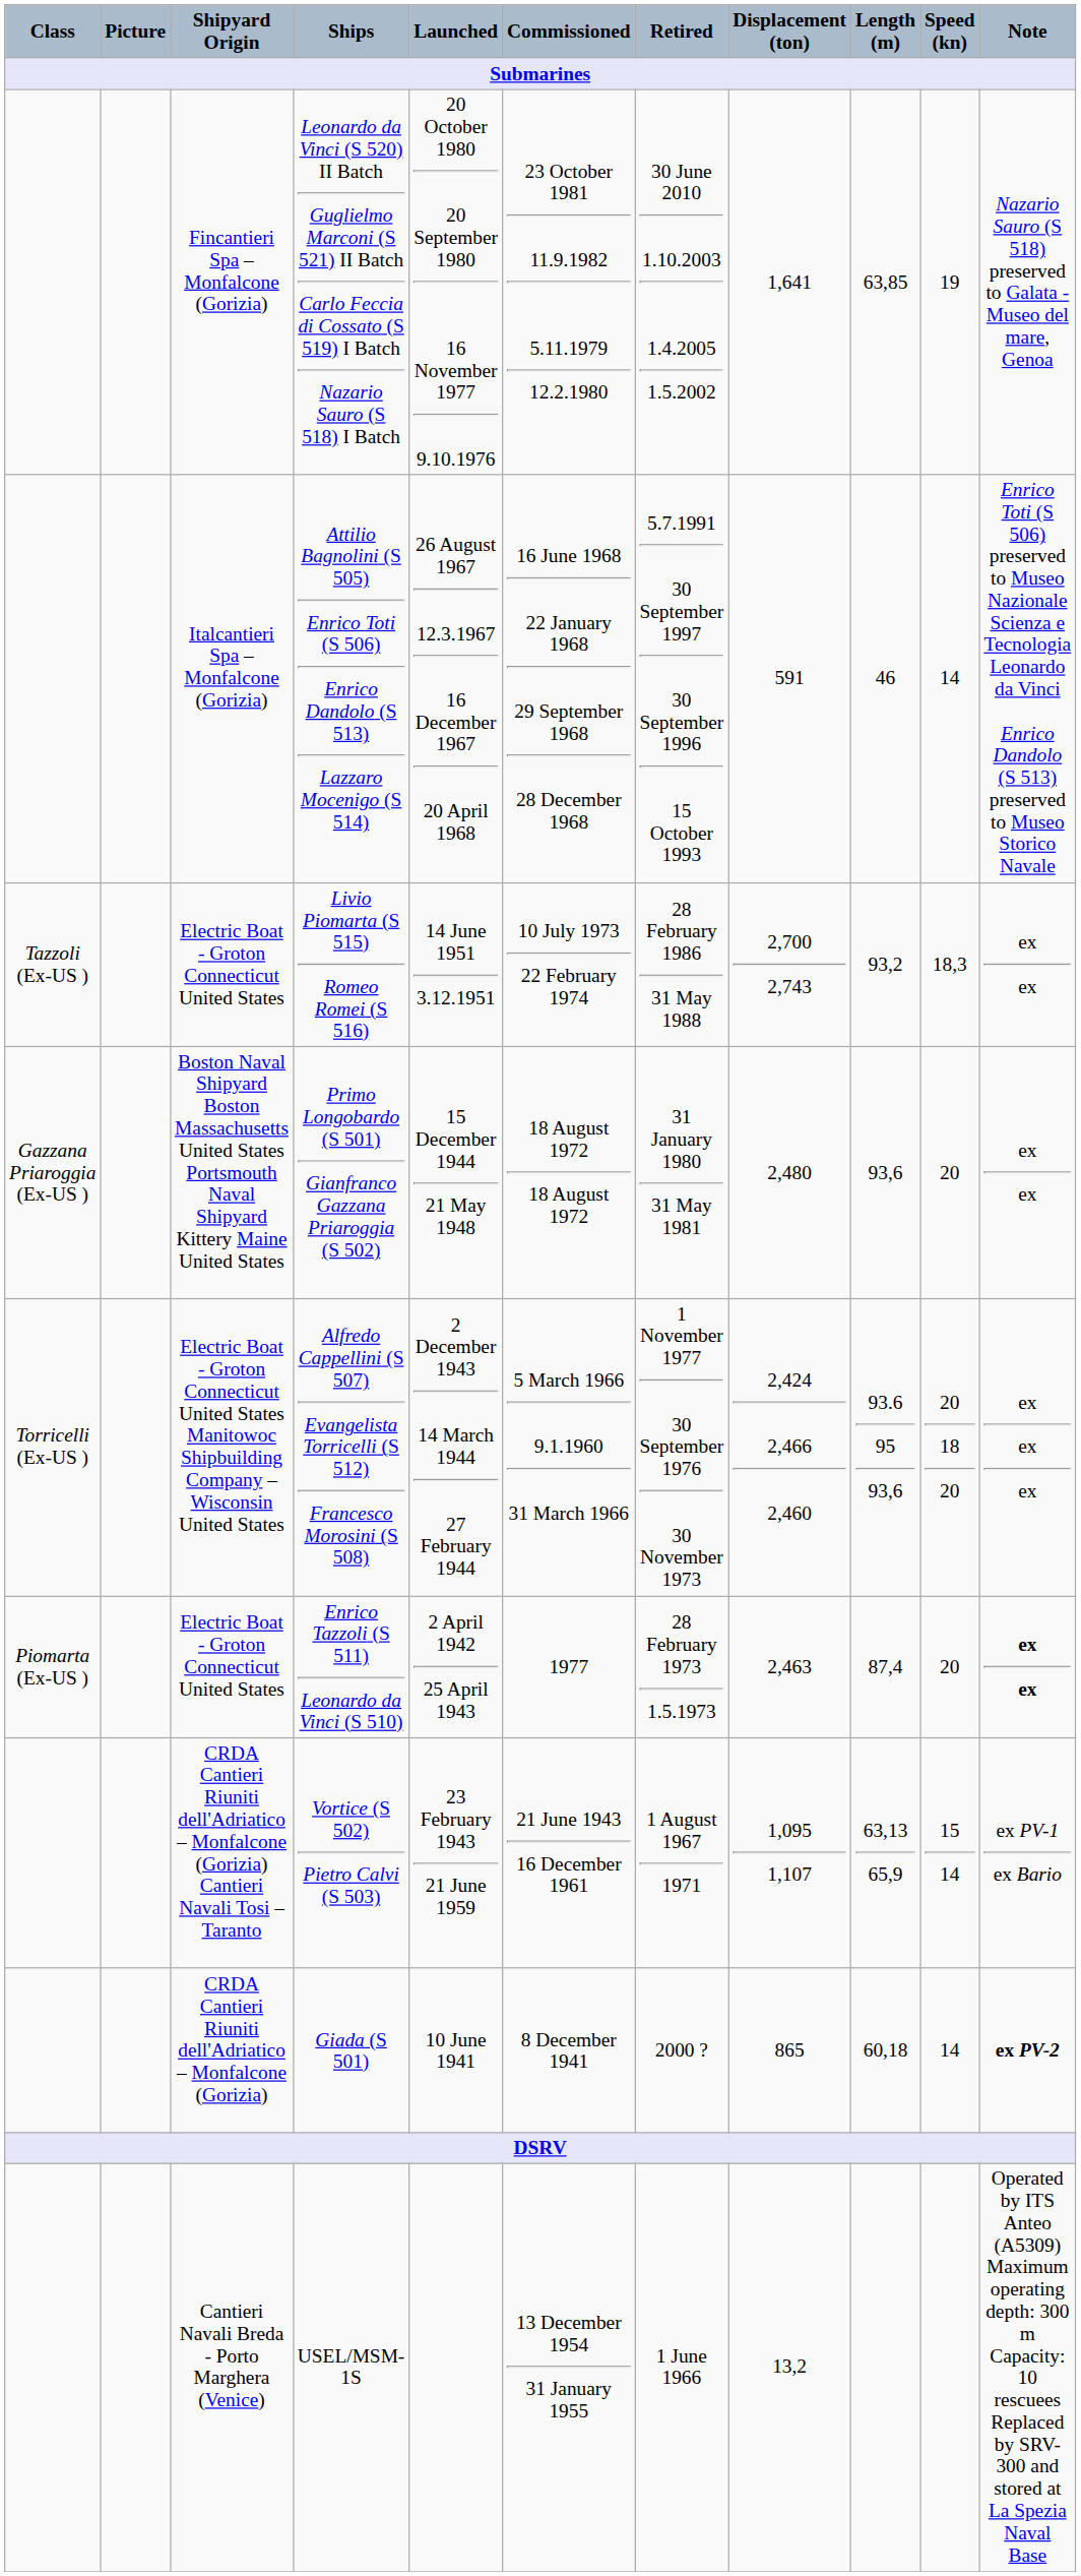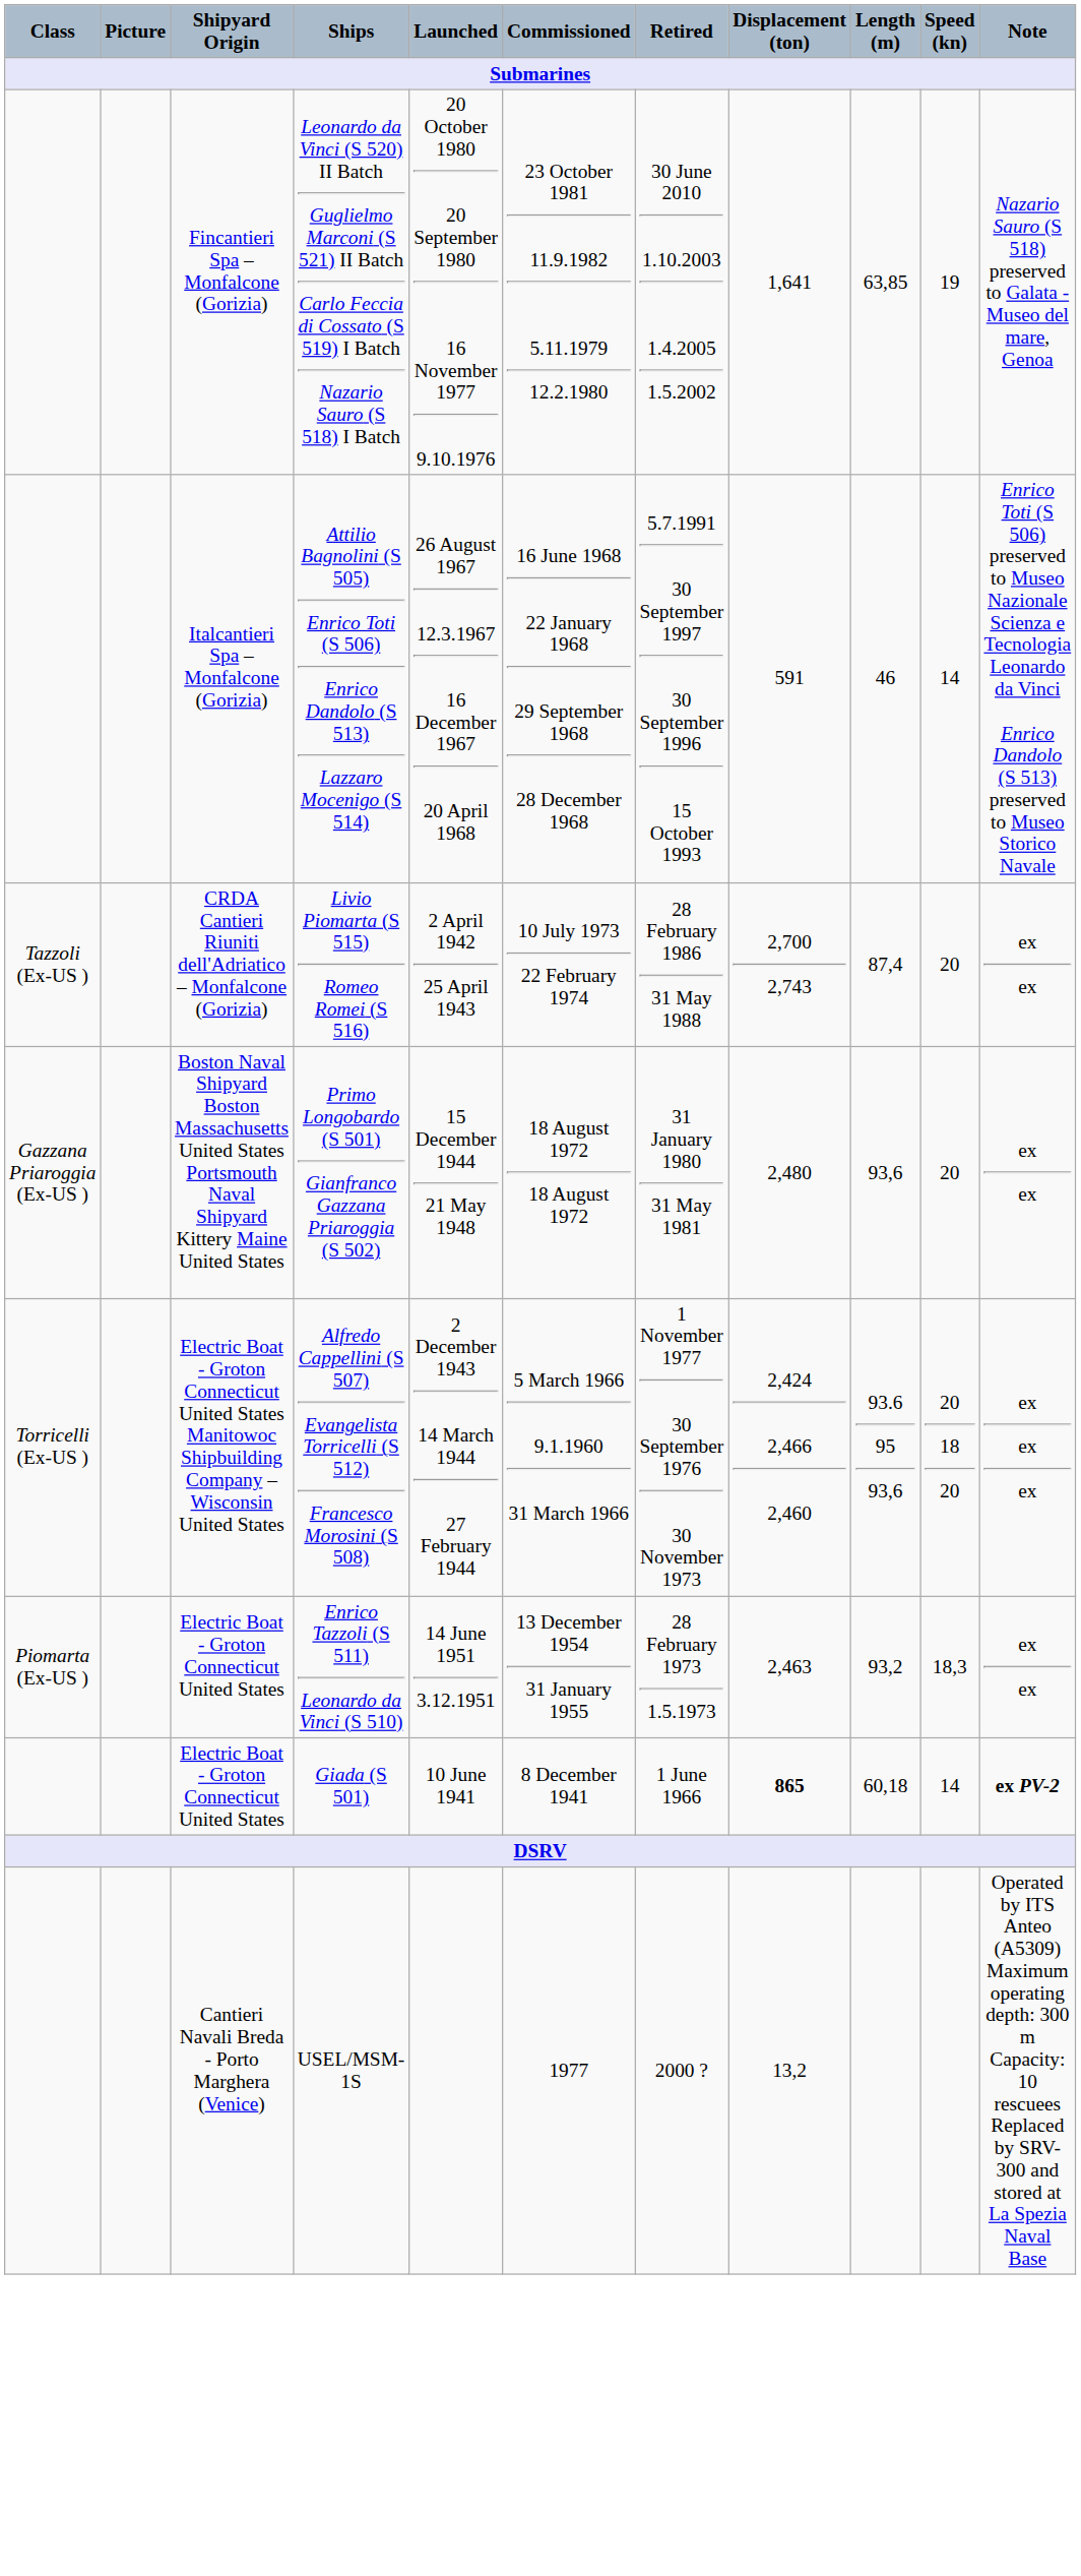 <table class="wikitable" style="text-align:center;">
 <tr>
 <th style="text-align: central; background: #aabccc;">Class</th>
 <th style="text-align: central; background: #aabccc;">Picture</th>
 <th style="text-align: central; background: #aabccc;">Shipyard<br>Origin</th>
 <th style="text-align: central; background: #aabccc;">Ships</th>
 <th style="text-align: central; background: #aabccc;">Launched</th>
 <th style="text-align: central; background: #aabccc;">Commissioned</th>
 <th style="text-align: central; background: #aabccc;">Retired</th>
 <th style="text-align: central; background: #aabccc;">Displacement<br>(ton)</th>
 <th style="text-align: central; background: #aabccc;">Length<br>(m)</th>
 <th style="text-align: central; background: #aabccc;">Speed<br>(kn)</th>
 <th style="text-align: central; background: #aabccc;">Note</th>
 </tr>
 <tr>
 <th style="align: center; background: lavender;" colspan="11"><strong><a href='#'>Submarines</a></strong></th>
 </tr>
 <tr>
 <td> </td>
 <td></td>
 <td><a href='#'>Fincantieri Spa</a> – <a href='#'>Monfalcone</a> (<a href='#'>Gorizia</a>)<br><br></td>
 <td><a href='#'><em>Leonardo da Vinci</em> (S 520)</a> II Batch <hr><a href='#'><em>Guglielmo Marconi</em> (S 521)</a> II Batch <hr><a href='#'><em>Carlo Feccia di Cossato</em> (S 519)</a> I Batch <hr><a href='#'><em>Nazario Sauro</em> (S 518)</a> I Batch </td>
 <td>20 October 1980<hr><br>20 September 1980<hr><br><br>16 November 1977<hr><br>9.10.1976</td>
 <td>23 October 1981<hr><br>11.9.1982<hr><br><br>5.11.1979<br><hr>12.2.1980</td>
 <td>30 June 2010<hr><br>1.10.2003<hr><br><br>1.4.2005<br><hr>1.5.2002</td>
 <td>1,641</td>
 <td>63,85</td>
 <td>19</td>
 <td><a href='#'><em>Nazario Sauro</em> (S 518)</a> preserved to <a href='#'>Galata - Museo del mare</a>, <a href='#'>Genoa</a></td>
 </tr>
 <tr>
 <td> </td>
 <td></td>
 <td><a href='#'>Italcantieri Spa</a> – <a href='#'>Monfalcone</a> (<a href='#'>Gorizia</a>)<br><br></td>
 <td><a href='#'><em>Attilio Bagnolini</em> (S 505)</a><hr><a href='#'><em>Enrico Toti</em> (S 506)</a><hr><a href='#'><em>Enrico Dandolo</em> (S 513)</a><hr><a href='#'><em>Lazzaro Mocenigo</em> (S 514)</a></td>
 <td><br>26 August 1967<hr><br>12.3.1967<hr><br>16 December 1967<hr><br>20 April 1968</td>
 <td><br>16 June 1968<hr><br>22 January 1968<hr><br>29 September 1968<hr><br>28 December 1968</td>
 <td><br>5.7.1991<hr><br>30 September 1997<hr><br>30 September 1996<hr><br>15 October 1993</td>
 <td>591</td>
 <td>46</td>
 <td>14</td>
 <td><a href='#'><em>Enrico Toti</em> (S 506)</a> preserved to <a href='#'>Museo Nazionale Scienza e Tecnologia Leonardo da Vinci</a><br><br><a href='#'><em>Enrico Dandolo</em> (S 513)</a> preserved to <a href='#'>Museo Storico Navale</a></td>
 </tr>
 <tr>
 <td><em>Tazzoli</em><br> (Ex-US )</td>
 <td></td>
-<td><a href='#'>Electric Boat - Groton</a> <a href='#'>Connecticut</a> United States<br></td>
+<td><a href='#'>CRDA Cantieri Riuniti dell'Adriatico</a> – <a href='#'>Monfalcone</a> (<a href='#'>Gorizia</a>)<br><br></td>
 <td><a href='#'><em>Livio Piomarta</em> (S 515)</a><hr><a href='#'><em>Romeo Romei</em> (S 516)</a></td>
-<td>14 June 1951<hr>3.12.1951</td>
+<td>2 April 1942<hr>25 April 1943</td>
 <td>10 July 1973<hr>22 February 1974</td>
 <td>28 February 1986<hr>31 May 1988</td>
 <td>2,700<hr>2,743</td>
-<td>93,2</td>
-<td>18,3</td>
+<td>87,4</td>
+<td>20</td>
 <td>ex <hr>ex </td>
 </tr>
 <tr>
 <td><em>Gazzana Priaroggia</em><br> (Ex-US )</td>
 <td></td>
 <td><a href='#'>Boston Naval Shipyard</a> <a href='#'>Boston</a> <a href='#'>Massachusetts</a> United States<br><a href='#'>Portsmouth Naval Shipyard</a> Kittery <a href='#'>Maine</a> United States<br><br></td>
 <td><a href='#'><em>Primo Longobardo</em> (S 501)</a><hr><a href='#'><em>Gianfranco Gazzana Priaroggia</em> (S 502)</a></td>
 <td>15 December 1944<hr>21 May 1948</td>
 <td>18 August 1972<hr>18 August 1972</td>
 <td>31 January 1980<hr>31 May 1981</td>
 <td>2,480</td>
 <td>93,6</td>
 <td>20</td>
 <td>ex <hr>ex </td>
 </tr>
 <tr>
 <td><em>Torricelli</em><br> (Ex-US )</td>
 <td></td>
 <td><a href='#'>Electric Boat - Groton</a>  <a href='#'>Connecticut</a> United States<br><a href='#'>Manitowoc Shipbuilding Company</a> – <a href='#'>Wisconsin</a> United States<br><br></td>
 <td><a href='#'><em>Alfredo Cappellini</em> (S 507)</a><hr><a href='#'><em>Evangelista Torricelli</em> (S 512)</a><hr><a href='#'><em>Francesco Morosini</em> (S 508)</a></td>
 <td>2 December 1943<hr><br>14 March 1944<hr><br>27 February 1944</td>
 <td>5 March 1966<hr><br>9.1.1960<hr><br>31 March 1966</td>
 <td>1 November 1977<hr><br>30 September 1976<hr><br>30 November 1973</td>
 <td>2,424<hr><br>2,466<hr><br>2,460</td>
 <td>93.6<hr>95<hr>93,6</td>
 <td>20<hr>18<hr>20</td>
 <td>ex <hr>ex <hr>ex </td>
 </tr>
 <tr>
 <td><em>Piomarta</em><br> (Ex-US )</td>
 <td></td>
 <td><a href='#'>Electric Boat - Groton</a>  <a href='#'>Connecticut</a> United States<br><br></td>
 <td><a href='#'><em>Enrico Tazzoli</em> (S 511)</a><hr><a href='#'><em>Leonardo da Vinci</em> (S 510)</a></td>
-<td>2 April 1942<hr>25 April 1943</td>
-<td>1977</td>
+<td>14 June 1951<hr>3.12.1951</td>
+<td>13 December 1954<hr>31 January 1955</td>
 <td>28 February 1973<hr>1.5.1973</td>
 <td>2,463</td>
-<td>87,4</td>
-<td>20</td>
-<td><strong>ex <hr>ex </strong></td>
-</tr>
-<tr>
-<td></td>
-<td></td>
-<td><a href='#'>CRDA Cantieri Riuniti dell'Adriatico</a> – <a href='#'>Monfalcone</a> (<a href='#'>Gorizia</a>)<br><a href='#'>Cantieri Navali Tosi</a> – <a href='#'>Taranto</a><br><br></td>
-<td><a href='#'><em>Vortice</em> (S 502)</a><hr><a href='#'><em>Pietro Calvi</em> (S 503)</a></td>
-<td>23 February 1943<hr>21 June 1959</td>
-<td>21 June 1943<hr>16 December 1961</td>
-<td>1 August 1967<hr>1971</td>
-<td>1,095<hr>1,107</td>
-<td>63,13<hr>65,9</td>
-<td>15<hr>14</td>
-<td>ex <em>PV-1</em><hr>ex <em>Bario</em></td>
+<td>93,2</td>
+<td>18,3</td>
+<td>ex <hr>ex </td>
 </tr>
 <tr>
 <td><br></td>
 <td></td>
-<td><a href='#'>CRDA Cantieri Riuniti dell'Adriatico</a> – <a href='#'>Monfalcone</a> (<a href='#'>Gorizia</a>)<br><br></td>
+<td><a href='#'>Electric Boat - Groton</a> <a href='#'>Connecticut</a> United States<br></td>
 <td><a href='#'><em>Giada</em> (S 501)</a></td>
 <td>10 June 1941</td>
 <td>8 December 1941</td>
-<td>2000 ?</td>
-<td>865</td>
+<td>1 June 1966</td>
+<td><strong>865</strong></td>
 <td>60,18</td>
 <td>14</td>
 <td><strong>ex <em>PV-2</em></strong></td>
 </tr>
 <tr>
 <th style="align: center; background: lavender;" colspan="11"><strong><a href='#'>DSRV</a></strong></th>
 </tr>
 <tr>
 <td></td>
 <td></td>
 <td>Cantieri Navali Breda - Porto Marghera (<a href='#'>Venice</a>)<br><br></td>
 <td>USEL/MSM-1S </td>
 <td></td>
-<td>13 December 1954<hr>31 January 1955</td>
-<td>1 June 1966</td>
+<td>1977</td>
+<td>2000 ?</td>
 <td>13,2</td>
 <td></td>
 <td></td>
 <td>Operated by ITS Anteo (A5309)<br>Maximum operating depth: 300 m<br>Capacity: 10 rescuees<br>Replaced by SRV-300 and stored at <a href='#'>La Spezia Naval Base</a></td>
 </tr>
 </table>
